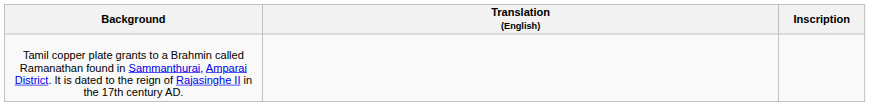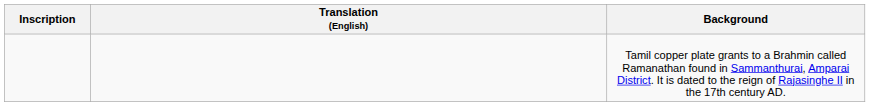 <table class="wikitable centre">
 <tr>
+<th>Inscription<br></th>
+<th>Translation<br><small>(English)</small></th>
 <th scope="col" align=left>Background<br></th>
-<th>Translation<br><small>(English)</small></th>
-<th>Inscription<br></th>
 </tr>
 <tr>
+<td align=center width="10%"></td>
+<td align=left><br></td>
 <td align=center width="30%"><br>Tamil copper plate grants to a Brahmin called Ramanathan found in <a href='#'>Sammanthurai</a>, <a href='#'>Amparai District</a>. It is dated to the reign of <a href='#'>Rajasinghe II</a> in the 17th century AD.</td>
-<td align=left><br></td>
-<td align=center width="10%"></td>
 </tr>
 </table>
